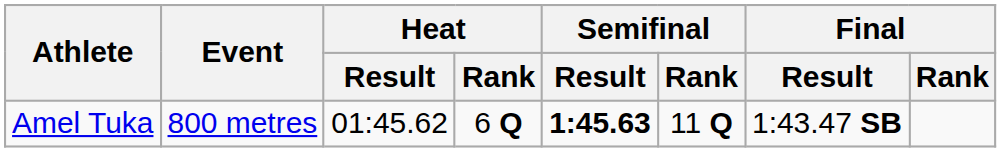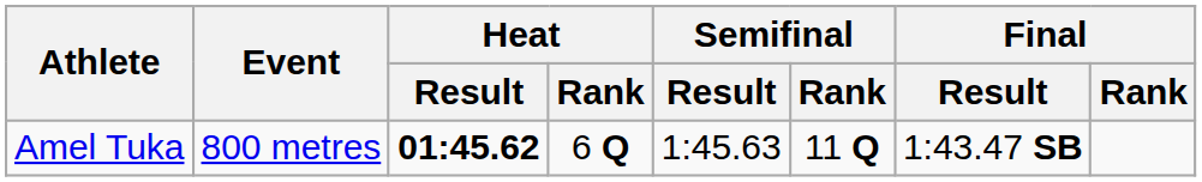 <table class="wikitable" style="font-size:90%">
 <tr>
 <th rowspan="2">Athlete</th>
 <th rowspan="2">Event</th>
 <th colspan="2">Heat</th>
 <th colspan="2">Semifinal</th>
 <th colspan="2">Final</th>
 </tr>
 <tr>
 <th>Result</th>
 <th>Rank</th>
 <th>Result</th>
 <th>Rank</th>
 <th>Result</th>
 <th>Rank</th>
 </tr>
 <tr style="text-align:center">
 <td style="text-align:left"><a href='#'>Amel Tuka</a></td>
 <td style="text-align:left"><a href='#'>800 metres</a></td>
-<td>01:45.62</td>
+<td><strong>01:45.62</strong></td>
 <td>6 <strong>Q</strong></td>
-<td><strong>1:45.63</strong></td>
+<td>1:45.63</td>
 <td>11 <strong>Q</strong></td>
 <td>1:43.47 <strong>SB</strong></td>
 <td></td>
 </tr>
 </table>
